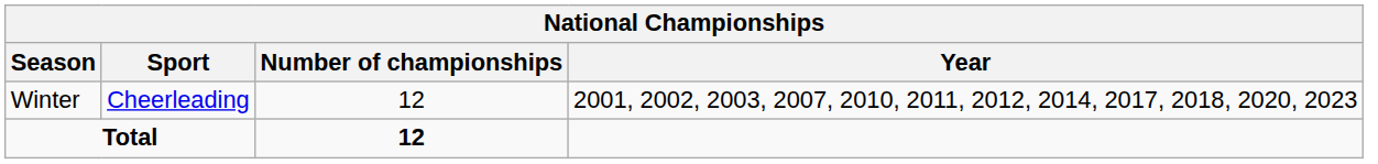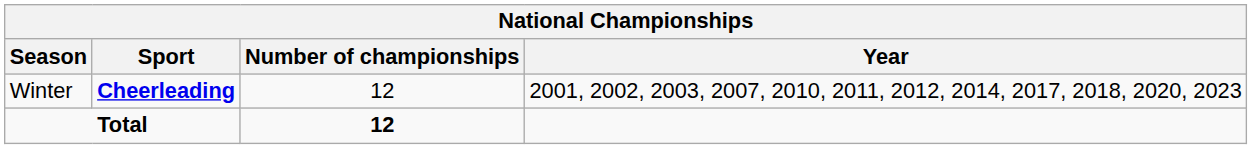 <table class="wikitable">
 <tr>
 <th colspan="4">National Championships</th>
 </tr>
 <tr>
 <th>Season</th>
 <th>Sport</th>
 <th>Number of championships</th>
 <th>Year</th>
 </tr>
 <tr>
 <td rowspan="1">Winter</td>
-<td><a href='#'>Cheerleading</a></td>
+<td><strong><a href='#'>Cheerleading</a></strong></td>
 <td style="text-align:center;">12</td>
 <td>2001, 2002, 2003, 2007, 2010, 2011, 2012, 2014, 2017, 2018, 2020, 2023</td>
 </tr>
 <tr>
 <td colspan="2" style="text-align:center;"><strong>Total</strong></td>
 <td style="text-align:center;"><strong>12</strong></td>
 <td></td>
 </tr>
 </table>
